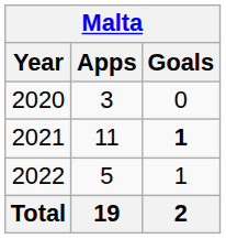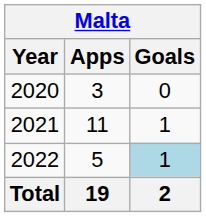 <table class="wikitable" style="text-align:center">
 <tr>
 <th colspan=3><a href='#'>Malta</a></th>
 </tr>
 <tr>
 <th>Year</th>
 <th>Apps</th>
 <th>Goals</th>
 </tr>
 <tr>
 <td>2020</td>
 <td>3</td>
 <td>0</td>
 </tr>
 <tr>
 <td>2021</td>
 <td>11</td>
-<td><strong>1</strong></td>
+<td>1</td>
 </tr>
 <tr>
 <td>2022</td>
 <td>5</td>
-<td>1</td>
+<td style="background: lightblue;">1</td>
 </tr>
 <tr>
 <th>Total</th>
 <th>19</th>
 <th>2</th>
 </tr>
 </table>
